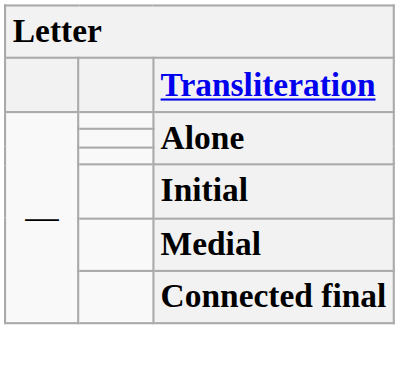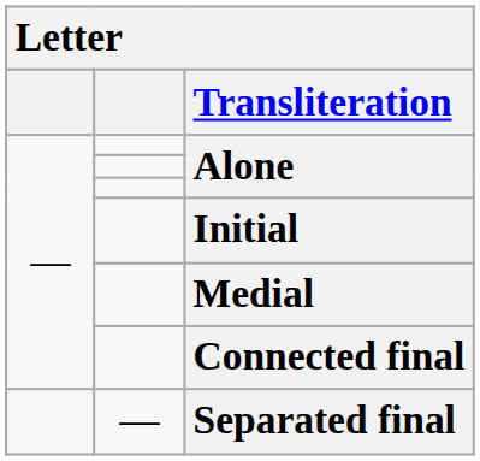 <table class="wikitable" style="text-align: center; display: inline-table;">
 <tr>
 <th colspan="3" style="text-align: left">Letter</th>
 </tr>
 <tr>
 <th style="min-width: 1.75em"></th>
 <th style="min-width: 1.75em"></th>
 <th style="text-align: left"><a href='#'>Transliteration</a></th>
 </tr>
 <tr>
 <td rowspan="6">—</td>
 <td></td>
 <th rowspan="3" style="text-align: left">Alone</th>
 </tr>
 <tr>
 <td></td>
 </tr>
 <tr>
 <td></td>
 </tr>
 <tr>
 <td></td>
 <th style="text-align: left">Initial</th>
 </tr>
 <tr>
 <td></td>
 <th style="text-align: left">Medial</th>
 </tr>
 <tr>
 <td></td>
 <th style="text-align: left">Connected final</th>
 </tr>
+<tr>
+<td> </td>
+<td>—</td>
+<th style="text-align: left">Separated final</th>
+</tr>
 </table>
